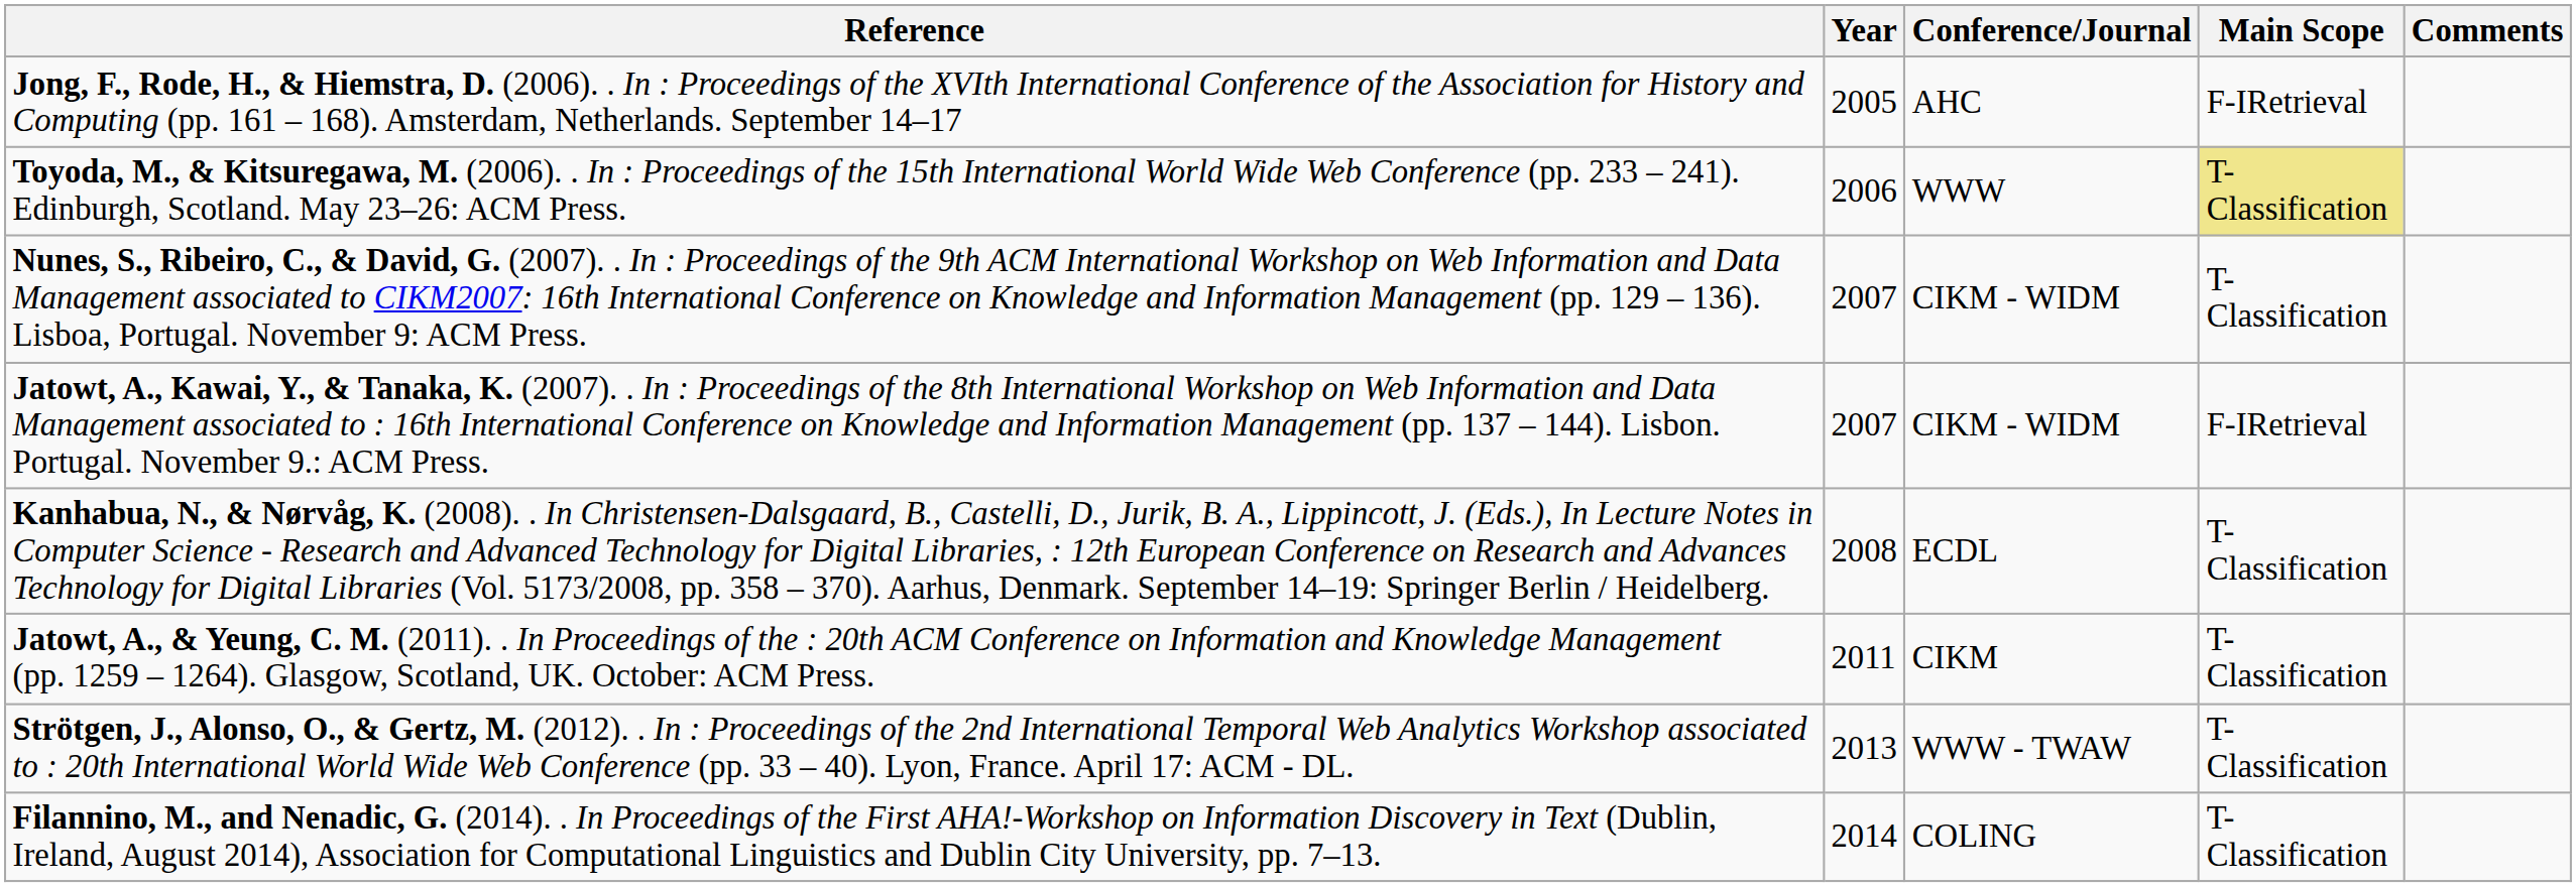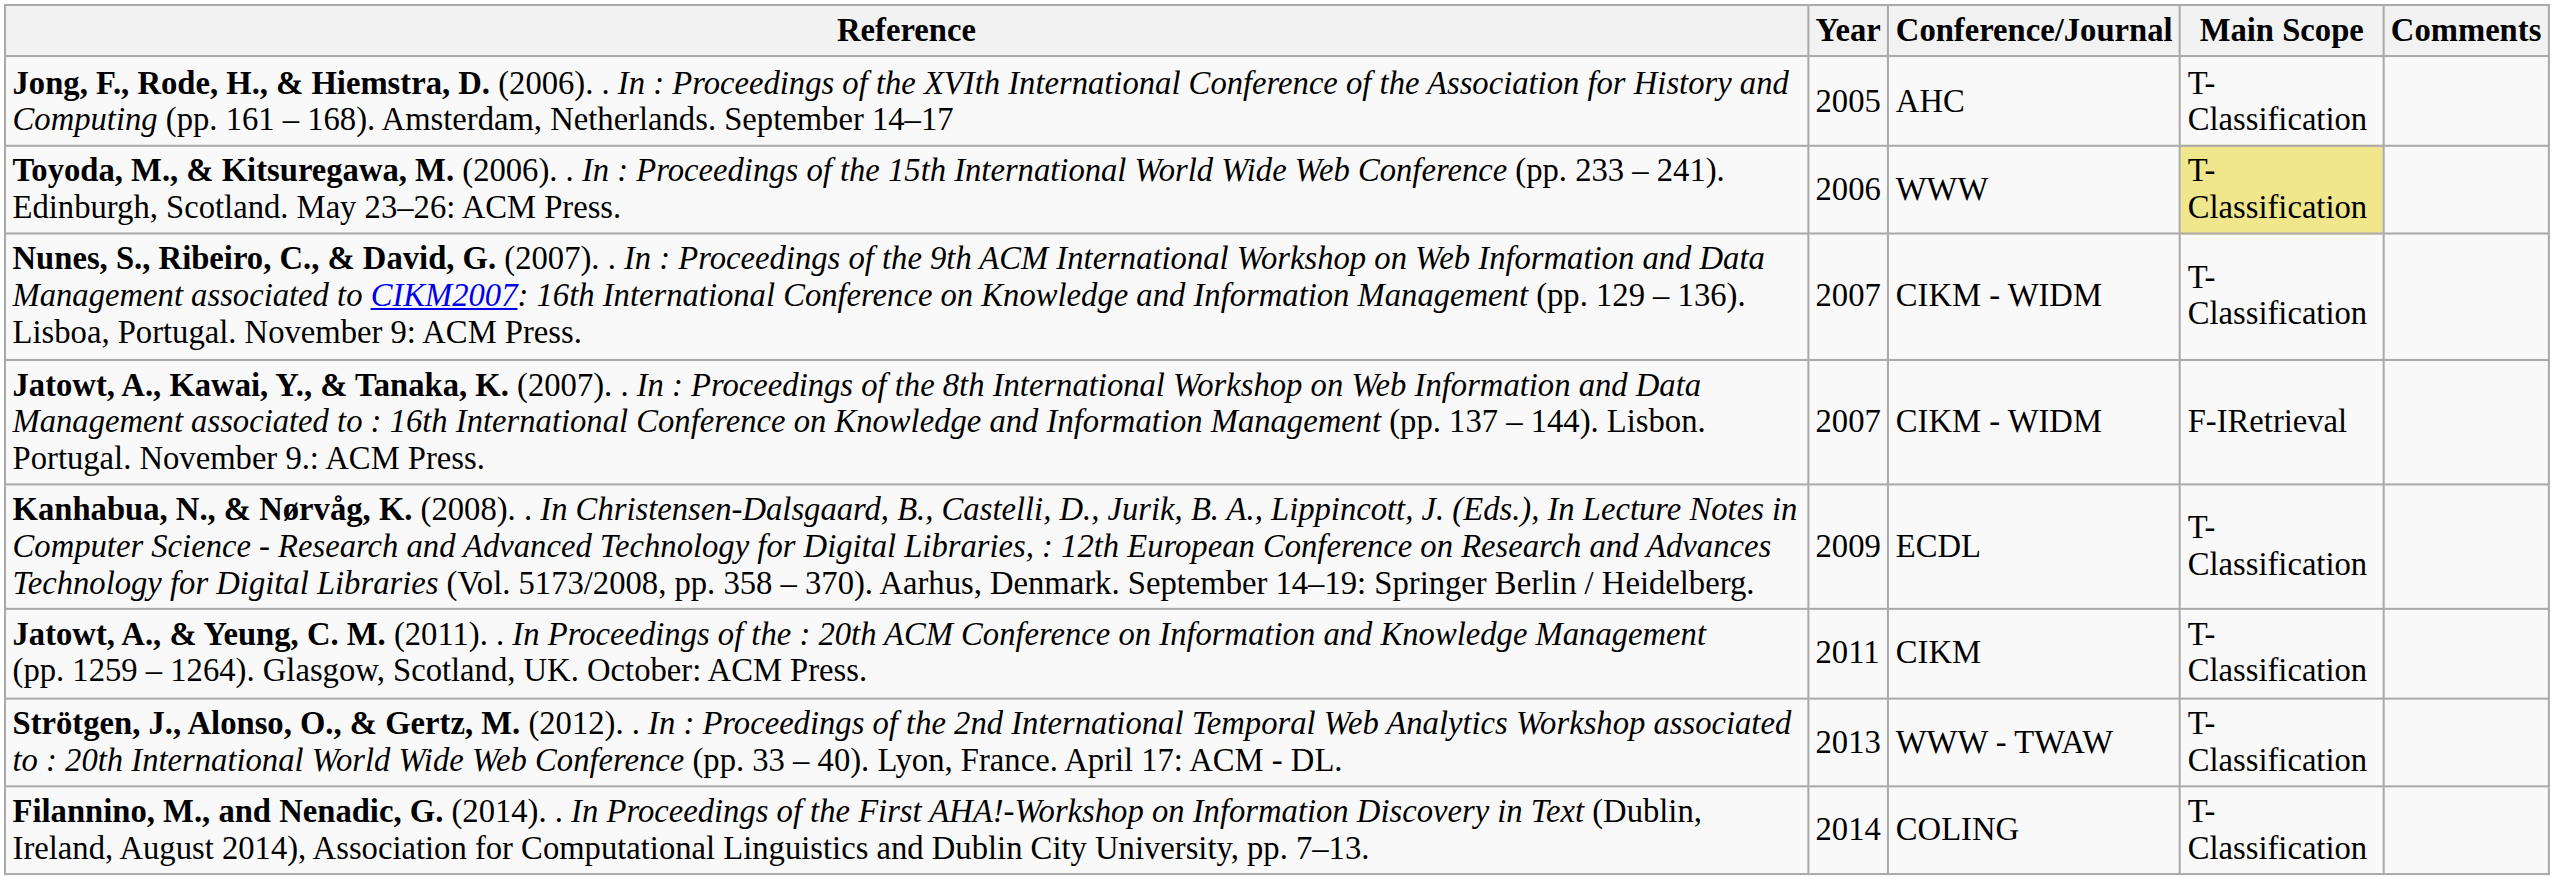 <table class="wikitable sortable">
 <tr>
 <th>Reference</th>
 <th>Year</th>
 <th>Conference/Journal</th>
 <th>Main Scope</th>
 <th>Comments</th>
 </tr>
 <tr>
 <td><strong>Jong, F., Rode, H., & Hiemstra, D.</strong> (2006). . <em>In : Proceedings of the XVIth International Conference of the Association for History and Computing</em> (pp. 161 – 168). Amsterdam, Netherlands. September 14–17</td>
 <td>2005</td>
 <td>AHC</td>
-<td>F-IRetrieval</td>
+<td>T-Classification</td>
 <td></td>
 </tr>
 <tr>
 <td><strong>Toyoda, M., & Kitsuregawa, M.</strong> (2006). . <em>In : Proceedings of the 15th International World Wide Web Conference</em> (pp. 233 – 241). Edinburgh, Scotland. May 23–26: ACM Press.</td>
 <td>2006</td>
 <td>WWW</td>
 <td style="background: khaki;">T-Classification</td>
 <td></td>
 </tr>
 <tr>
 <td><strong>Nunes, S., Ribeiro, C., & David, G.</strong> (2007). . <em>In : Proceedings of the 9th ACM International Workshop on Web Information and Data Management associated to <a href='#'>CIKM2007</a>: 16th International Conference on Knowledge and Information Management</em> (pp. 129 – 136). Lisboa, Portugal. November 9: ACM Press.</td>
 <td>2007</td>
 <td>CIKM - WIDM</td>
 <td>T-Classification</td>
 <td></td>
 </tr>
 <tr>
 <td><strong>Jatowt, A., Kawai, Y., & Tanaka, K.</strong> (2007). . <em>In : Proceedings of the 8th International Workshop on Web Information and Data Management associated to : 16th International Conference on Knowledge and Information Management</em> (pp. 137 – 144). Lisbon. Portugal. November 9.: ACM Press.</td>
 <td>2007</td>
 <td>CIKM - WIDM</td>
 <td>F-IRetrieval</td>
 <td></td>
 </tr>
 <tr>
 <td><strong>Kanhabua, N., & Nørvåg, K.</strong> (2008). . <em>In Christensen-Dalsgaard, B., Castelli, D., Jurik, B. A., Lippincott, J. (Eds.), In Lecture Notes in Computer Science - Research and Advanced Technology for Digital Libraries, : 12th European Conference on Research and Advances Technology for Digital Libraries</em> (Vol. 5173/2008, pp. 358 – 370). Aarhus, Denmark. September 14–19: Springer Berlin / Heidelberg.</td>
-<td>2008</td>
+<td>2009</td>
 <td>ECDL</td>
 <td>T-Classification</td>
 <td></td>
 </tr>
 <tr>
 <td><strong>Jatowt, A., & Yeung, C. M.</strong> (2011). . <em>In Proceedings of the : 20th ACM Conference on Information and Knowledge Management</em> (pp. 1259 – 1264). Glasgow, Scotland, UK. October: ACM Press.</td>
 <td>2011</td>
 <td>CIKM</td>
 <td>T-Classification</td>
 <td></td>
 </tr>
 <tr>
 <td><strong>Strötgen, J., Alonso, O., & Gertz, M.</strong> (2012). . <em>In : Proceedings of the 2nd International Temporal Web Analytics Workshop associated to : 20th International World Wide Web Conference</em> (pp. 33 – 40). Lyon, France. April 17: ACM - DL.</td>
 <td>2013</td>
 <td>WWW - TWAW</td>
 <td>T-Classification</td>
 <td></td>
 </tr>
 <tr>
 <td><strong>Filannino, M., and Nenadic, G.</strong> (2014). . <em>In Proceedings of the First AHA!-Workshop on Information Discovery in Text</em> (Dublin, Ireland, August 2014), Association for Computational Linguistics and Dublin City University, pp. 7–13.</td>
 <td>2014</td>
 <td>COLING</td>
 <td>T-Classification</td>
 <td></td>
 </tr>
 </table>
